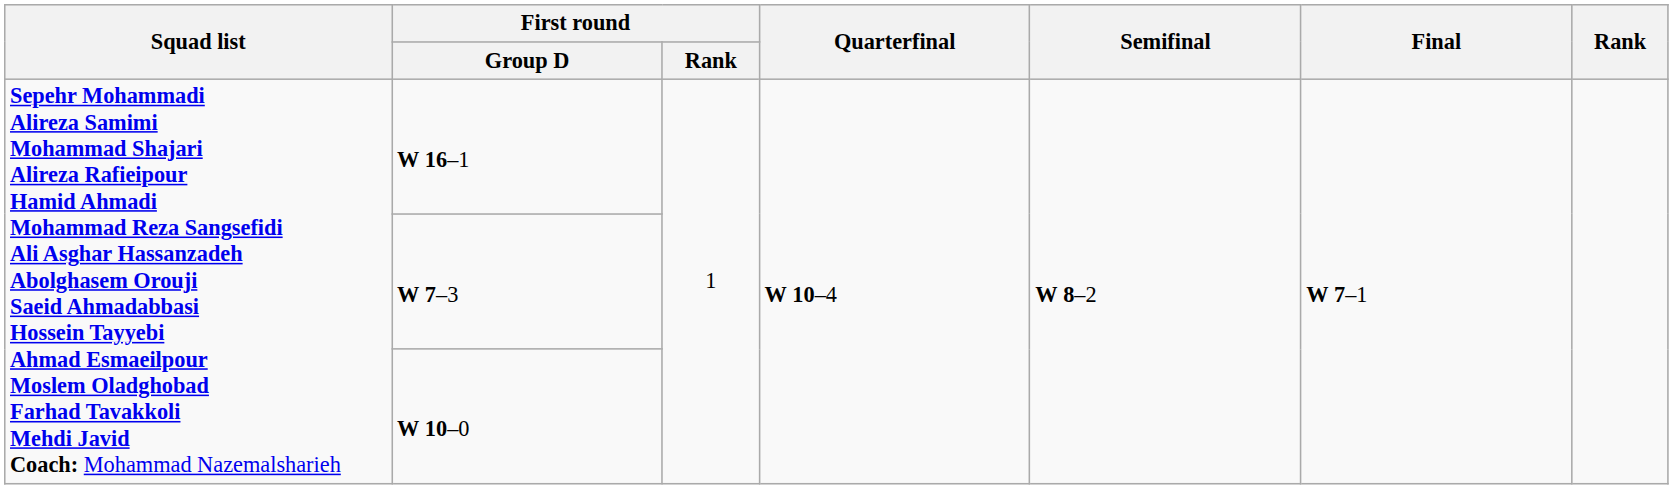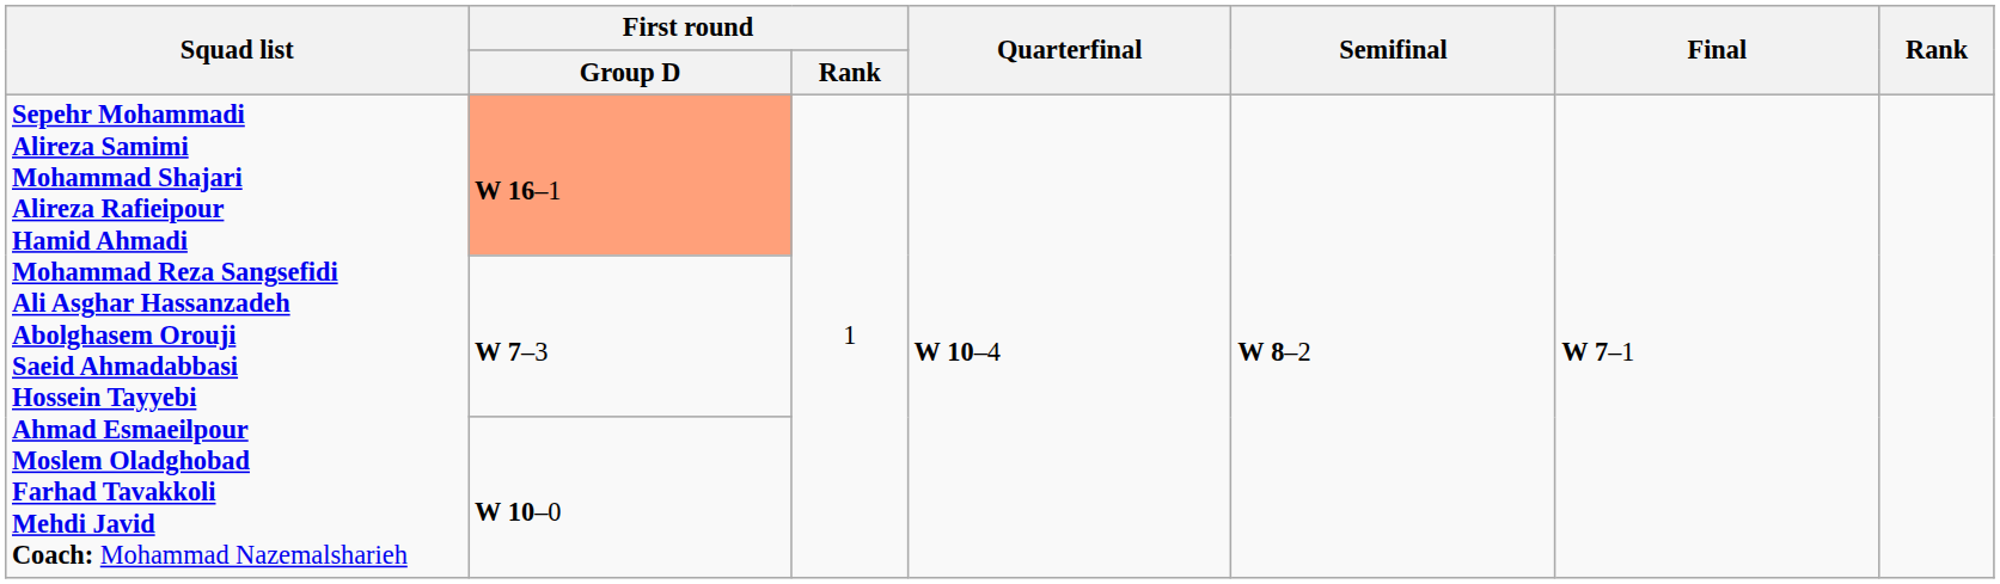 <table class="wikitable" width="85%" style="text-align:left; font-size:90%">
 <tr>
 <th rowspan="2" width="20%">Squad list</th>
 <th colspan="2">First round</th>
 <th rowspan="2" width="14%">Quarterfinal</th>
 <th rowspan="2" width="14%">Semifinal</th>
 <th rowspan="2" width="14%">Final</th>
 <th rowspan="2" width="5%">Rank</th>
 </tr>
 <tr>
 <th width="14%">Group D</th>
 <th width="5%">Rank</th>
 </tr>
 <tr>
 <td rowspan="3"><strong><a href='#'>Sepehr Mohammadi</a><br><a href='#'>Alireza Samimi</a><br><a href='#'>Mohammad Shajari</a><br><a href='#'>Alireza Rafieipour</a><br><a href='#'>Hamid Ahmadi</a><br><a href='#'>Mohammad Reza Sangsefidi</a><br><a href='#'>Ali Asghar Hassanzadeh</a><br><a href='#'>Abolghasem Orouji</a><br><a href='#'>Saeid Ahmadabbasi</a><br><a href='#'>Hossein Tayyebi</a><br><a href='#'>Ahmad Esmaeilpour</a><br><a href='#'>Moslem Oladghobad</a><br><a href='#'>Farhad Tavakkoli</a><br><a href='#'>Mehdi Javid</a><br> Coach:</strong> <a href='#'>Mohammad Nazemalsharieh</a></td>
-<td><br><strong>W</strong> <strong>16</strong>–1</td>
+<td style="background: lightsalmon;"><br><strong>W</strong> <strong>16</strong>–1</td>
 <td rowspan="3" align=center>1 <strong></strong></td>
 <td rowspan="3"><br><strong>W</strong> <strong>10</strong>–4</td>
 <td rowspan="3"><br><strong>W</strong> <strong>8</strong>–2</td>
 <td rowspan="3"><br><strong>W</strong> <strong>7</strong>–1</td>
 <td rowspan="3" align="center"></td>
 </tr>
 <tr>
 <td><br><strong>W</strong> <strong>7</strong>–3</td>
 </tr>
 <tr>
 <td><br><strong>W</strong> <strong>10</strong>–0</td>
 </tr>
 </table>
